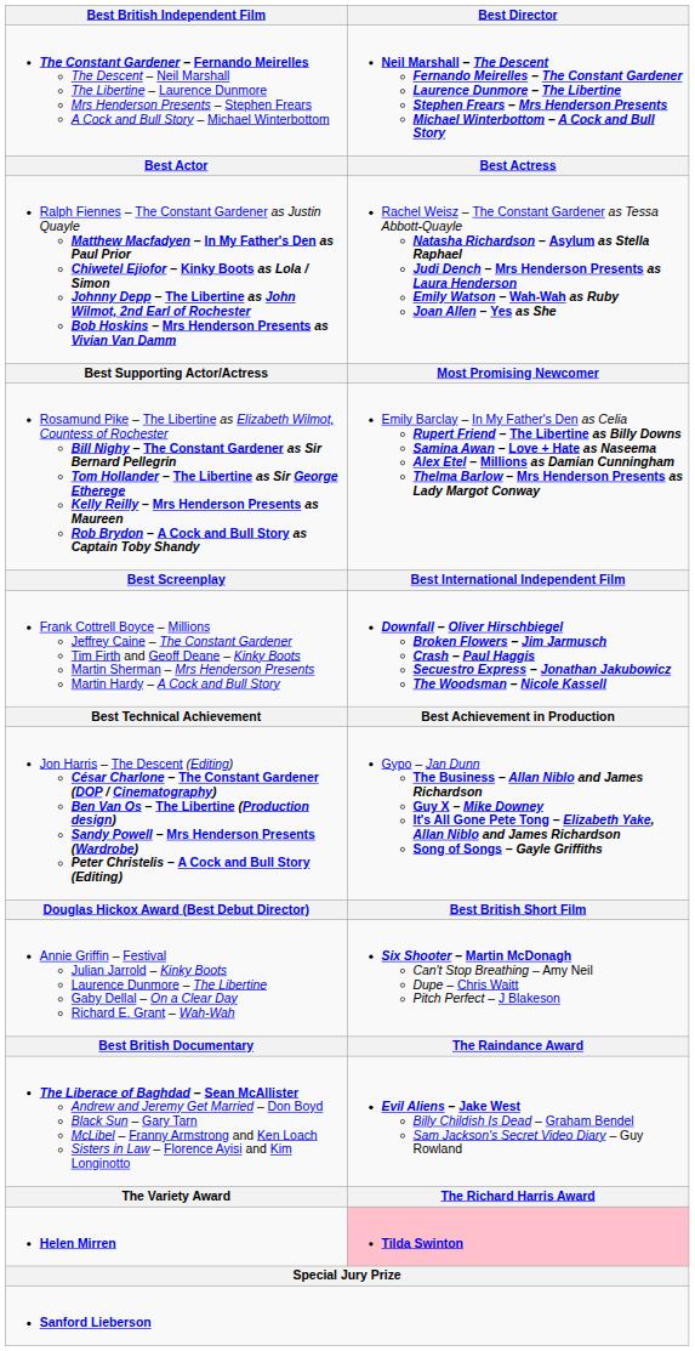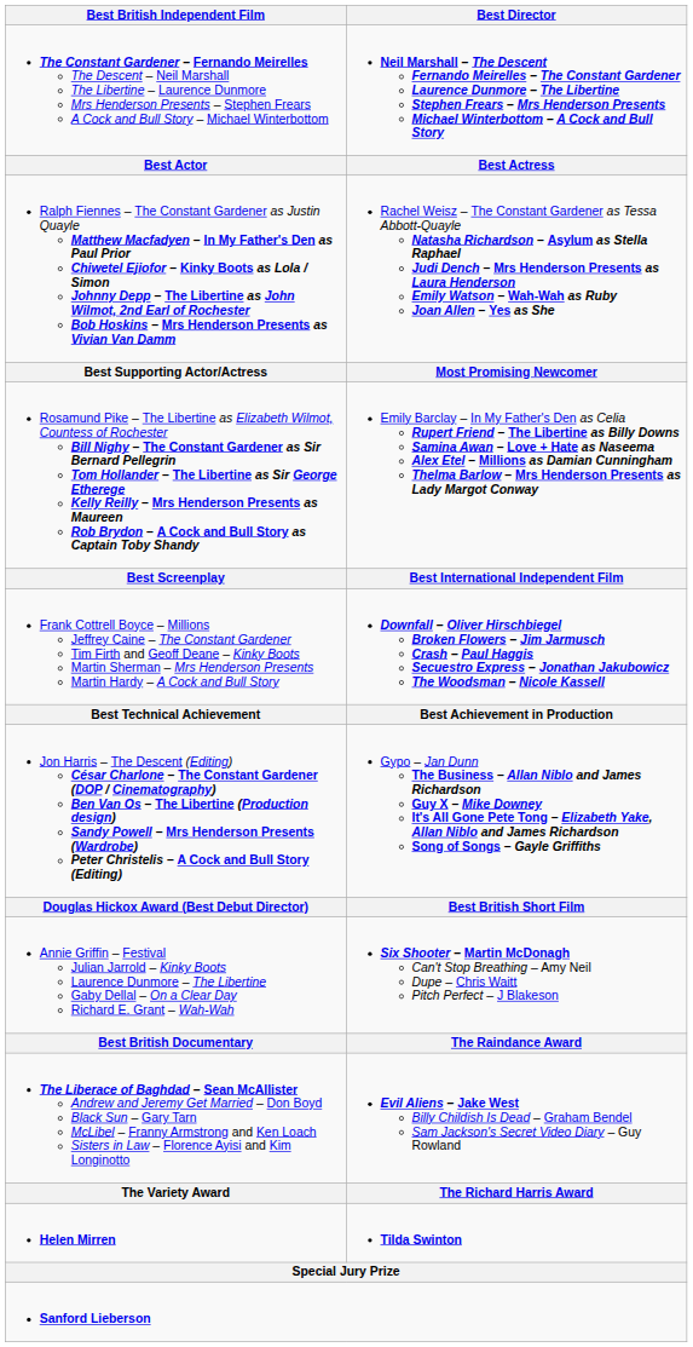 <table class="wikitable">
 <tr>
 <th width="50%"><a href='#'>Best British Independent Film</a></th>
 <th width="50%"><a href='#'>Best Director</a></th>
 </tr>
 <tr>
 <td valign="top"><br><ul><li><strong><em><a href='#'>The Constant Gardener</a> –</em></strong> <strong><a href='#'>Fernando Meirelles</a></strong><ul><li><em><a href='#'>The Descent</a> –</em> <a href='#'>Neil Marshall</a></li><li><em><a href='#'>The Libertine</a> –</em> <a href='#'>Laurence Dunmore</a></li><li><em><a href='#'>Mrs Henderson Presents</a> –</em> <a href='#'>Stephen Frears</a></li><li><em><a href='#'>A Cock and Bull Story</a> –</em> <a href='#'>Michael Winterbottom</a></li></ul></li></ul></td>
 <td valign="top"><br><ul><li><strong><a href='#'>Neil Marshall</a> <em>–</em> <em><a href='#'>The Descent</a><strong><em><ul><li><a href='#'>Fernando Meirelles</a> </em>–<em> </em><a href='#'>The Constant Gardener</a><em></li><li><a href='#'>Laurence Dunmore</a> </em>–<em> </em><a href='#'>The Libertine</a><em></li><li><a href='#'>Stephen Frears</a> </em>–<em> </em><a href='#'>Mrs Henderson Presents</a><em></li><li><a href='#'>Michael Winterbottom</a> </em>–<em> </em><a href='#'>A Cock and Bull Story</a><em></li></ul></li></ul></td>
 </tr>
 <tr>
 <th width="50%"><a href='#'>Best Actor</a></th>
 <th width="50%"><a href='#'>Best Actress</a></th>
 </tr>
 <tr>
 <td valign="top"><br><ul><li></strong><a href='#'>Ralph Fiennes</a> </em>–<em> </em><a href='#'>The Constant Gardener</a><em> as Justin Quayle<strong><ul><li><a href='#'>Matthew Macfadyen</a> </em>–<em> </em><a href='#'>In My Father's Den</a><em> as Paul Prior</li><li><a href='#'>Chiwetel Ejiofor</a> </em>–<em> </em><a href='#'>Kinky Boots</a><em> as Lola / Simon</li><li><a href='#'>Johnny Depp</a> </em>–<em> </em><a href='#'>The Libertine</a><em> as <a href='#'>John Wilmot, 2nd Earl of Rochester</a></li><li><a href='#'>Bob Hoskins</a> </em>–<em> </em><a href='#'>Mrs Henderson Presents</a><em> as <a href='#'>Vivian Van Damm</a></li></ul></li></ul></td>
 <td valign="top"><br><ul><li></strong><a href='#'>Rachel Weisz</a> </em>–<em> </em><a href='#'>The Constant Gardener</a><em> as Tessa Abbott-Quayle<strong><ul><li><a href='#'>Natasha Richardson</a> </em>–<em> </em><a href='#'>Asylum</a><em> as Stella Raphael</li><li><a href='#'>Judi Dench</a> </em>–<em> </em><a href='#'>Mrs Henderson Presents</a><em> as <a href='#'>Laura Henderson</a></li><li><a href='#'>Emily Watson</a> </em>–<em> </em><a href='#'>Wah-Wah</a><em> as Ruby</li><li><a href='#'>Joan Allen</a> </em>–<em> </em><a href='#'>Yes</a><em> as She</li></ul></li></ul></td>
 </tr>
 <tr>
 <th width="50%"></strong>Best Supporting Actor/Actress<strong></th>
 <th width="50%"><a href='#'>Most Promising Newcomer</a></th>
 </tr>
 <tr>
 <td valign="top"><br><ul><li></strong><a href='#'>Rosamund Pike</a> </em>–<em> </em><a href='#'>The Libertine</a><em> as <a href='#'>Elizabeth Wilmot, Countess of Rochester</a><strong><ul><li><a href='#'>Bill Nighy</a> </em>–<em> </em><a href='#'>The Constant Gardener</a><em> as Sir Bernard Pellegrin</li><li><a href='#'>Tom Hollander</a> </em>–<em> </em><a href='#'>The Libertine</a><em> as Sir <a href='#'>George Etherege</a></li><li><a href='#'>Kelly Reilly</a> </em>–<em> </em><a href='#'>Mrs Henderson Presents</a><em> as Maureen</li><li><a href='#'>Rob Brydon</a> </em>–<em> </em><a href='#'>A Cock and Bull Story</a><em> as Captain Toby Shandy</li></ul></li></ul></td>
 <td valign="top"><br><ul><li></strong><a href='#'>Emily Barclay</a> </em>–<em> </em><a href='#'>In My Father's Den</a><em> as Celia<strong><ul><li><a href='#'>Rupert Friend</a> </em>–<em> </em><a href='#'>The Libertine</a><em> as Billy Downs</li><li><a href='#'>Samina Awan</a> </em>–<em> </em><a href='#'>Love + Hate</a><em> as Naseema</li><li><a href='#'>Alex Etel</a> </em>–<em> </em><a href='#'>Millions</a><em> as Damian Cunningham</li><li><a href='#'>Thelma Barlow</a> </em>–<em> </em><a href='#'>Mrs Henderson Presents</a><em> as Lady Margot Conway</li></ul></li></ul></td>
 </tr>
 <tr>
 <th width="50%"><a href='#'>Best Screenplay</a></th>
 <th width="50%"><a href='#'>Best International Independent Film</a></th>
 </tr>
 <tr>
 <td valign="top"><br><ul><li></strong><a href='#'>Frank Cottrell Boyce</a> </em>–<em> </em><a href='#'>Millions</a></em></strong><ul><li><a href='#'>Jeffrey Caine</a> <em>–</em> <em><a href='#'>The Constant Gardener</a></em></li><li><a href='#'>Tim Firth</a> and <a href='#'>Geoff Deane</a> <em>–</em> <em><a href='#'>Kinky Boots</a></em></li><li><a href='#'>Martin Sherman</a> <em>–</em> <em><a href='#'>Mrs Henderson Presents</a></em></li><li><a href='#'>Martin Hardy</a> <em>–</em> <em><a href='#'>A Cock and Bull Story</a></em></li></ul></li></ul></td>
 <td valign="top"><br><ul><li><strong><em><a href='#'>Downfall</a><em> </em>–<em> <a href='#'>Oliver Hirschbiegel</a><strong><ul><li></em><a href='#'>Broken Flowers</a><em> </em>–<em> <a href='#'>Jim Jarmusch</a></li><li></em><a href='#'>Crash</a><em> </em>–<em> <a href='#'>Paul Haggis</a></li><li></em><a href='#'>Secuestro Express</a><em> </em>–<em> <a href='#'>Jonathan Jakubowicz</a></li><li></em><a href='#'>The Woodsman</a><em> </em>–<em> <a href='#'>Nicole Kassell</a></li></ul></li></ul></td>
 </tr>
 <tr>
 <th width="50%">Best Technical Achievement</th>
 <th width="50%">Best Achievement in Production</th>
 </tr>
 <tr>
 <td valign="top"><br><ul><li></strong><a href='#'>Jon Harris</a> </em>–<em> </em><a href='#'>The Descent</a><em> (<a href='#'>Editing</a>)<strong><ul><li><a href='#'>César Charlone</a> </em>–<em> </em><a href='#'>The Constant Gardener</a><em> (<a href='#'>DOP</a> / <a href='#'>Cinematography</a>)</li><li><a href='#'>Ben Van Os</a> </em>–<em> </em><a href='#'>The Libertine</a><em> (<a href='#'>Production design</a>)</li><li><a href='#'>Sandy Powell</a> </em>–<em> </em><a href='#'>Mrs Henderson Presents</a><em> (<a href='#'>Wardrobe</a>)</li><li>Peter Christelis </em>–<em> </em><a href='#'>A Cock and Bull Story</a><em> (Editing)</li></ul></li></ul></td>
 <td valign="top"><br><ul><li></em></strong><a href='#'>Gypo</a> –<strong><em> </strong><a href='#'>Jan Dunn</a><strong><ul><li></em><a href='#'>The Business</a> –<em> <a href='#'>Allan Niblo</a> and James Richardson</li><li></em><a href='#'>Guy X</a> –<em> <a href='#'>Mike Downey</a></li><li></em><a href='#'>It's All Gone Pete Tong</a> –<em> <a href='#'>Elizabeth Yake</a>, <a href='#'>Allan Niblo</a> and James Richardson</li><li></em><a href='#'>Song of Songs</a> –<em> Gayle Griffiths</li></ul></li></ul></td>
 </tr>
 <tr>
 <th width="50%"><a href='#'>Douglas Hickox Award (Best Debut Director)</a></th>
 <th width="50%"></strong><a href='#'>Best British Short Film</a><strong></th>
 </tr>
 <tr>
 <td valign="top"><br><ul><li></strong><a href='#'>Annie Griffin</a> </em>–<em> </em><a href='#'>Festival</a></em></strong><ul><li><a href='#'>Julian Jarrold</a> <em>–</em> <em><a href='#'>Kinky Boots</a></em></li><li><a href='#'>Laurence Dunmore</a> <em>–</em> <em><a href='#'>The Libertine</a></em></li><li><a href='#'>Gaby Dellal</a> <em>–</em> <em><a href='#'>On a Clear Day</a></em></li><li><a href='#'>Richard E. Grant</a> <em>–</em> <em><a href='#'>Wah-Wah</a></em></li></ul></li></ul></td>
 <td valign="top"><br><ul><li><strong><em><a href='#'>Six Shooter</a> –</em></strong> <strong><a href='#'>Martin McDonagh</a></strong><ul><li><em>Can't Stop Breathing –</em> Amy Neil</li><li><em>Dupe –</em> <a href='#'>Chris Waitt</a></li><li><em>Pitch Perfect –</em> <a href='#'>J Blakeson</a></li></ul></li></ul></td>
 </tr>
 <tr>
 <th><a href='#'>Best British Documentary</a></th>
 <th><a href='#'>The Raindance Award</a></th>
 </tr>
 <tr>
 <td><br><ul><li><strong><em><a href='#'>The Liberace of Baghdad</a> –</em></strong> <strong><a href='#'>Sean McAllister</a></strong><ul><li><em><a href='#'>Andrew and Jeremy Get Married</a> –</em> <a href='#'>Don Boyd</a></li><li><em><a href='#'>Black Sun</a> –</em> <a href='#'>Gary Tarn</a></li><li><em><a href='#'>McLibel</a> –</em> <a href='#'>Franny Armstrong</a> and <a href='#'>Ken Loach</a></li><li><em><a href='#'>Sisters in Law</a> –</em> <a href='#'>Florence Ayisi</a> and <a href='#'>Kim Longinotto</a></li></ul></li></ul></td>
 <td><br><ul><li><strong><em><a href='#'>Evil Aliens</a> –</em></strong> <strong><a href='#'>Jake West</a></strong><ul><li><em><a href='#'>Billy Childish Is Dead</a> –</em> <a href='#'>Graham Bendel</a></li><li><em><a href='#'>Sam Jackson's Secret Video Diary</a> –</em> Guy Rowland</li></ul></li></ul></td>
 </tr>
 <tr>
 <th width="50%">The Variety Award</th>
 <th width="50%"><strong><a href='#'>The Richard Harris Award</a></strong></th>
 </tr>
 <tr>
 <td valign="top"><br><ul><li><strong><a href='#'>Helen Mirren</a></strong></li></ul></td>
-<td valign="top" style="background: pink;"><br><ul><li><strong><a href='#'>Tilda Swinton</a></strong></li></ul></td>
+<td valign="top"><br><ul><li><strong><a href='#'>Tilda Swinton</a></strong></li></ul></td>
 </tr>
 <tr>
 <th colspan="2" width="50%">Special Jury Prize</th>
 </tr>
 <tr>
 <td colspan="2" valign="top"><br><ul><li><strong><a href='#'>Sanford Lieberson</a></strong></li></ul></td>
 </tr>
 </table>
